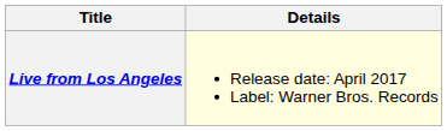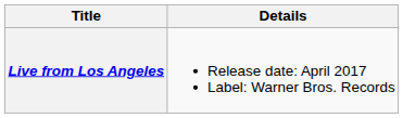 <table class="wikitable plainrowheaders">
 <tr>
 <th>Title</th>
 <th>Details</th>
 </tr>
 <tr>
 <th scope="row"><em><a href='#'>Live from Los Angeles</a></em></th>
-<td style="background: lightyellow;"><br><ul><li>Release date:  April 2017</li><li>Label: Warner Bros. Records</li></ul></td>
+<td><br><ul><li>Release date:  April 2017</li><li>Label: Warner Bros. Records</li></ul></td>
 </tr>
 </table>
